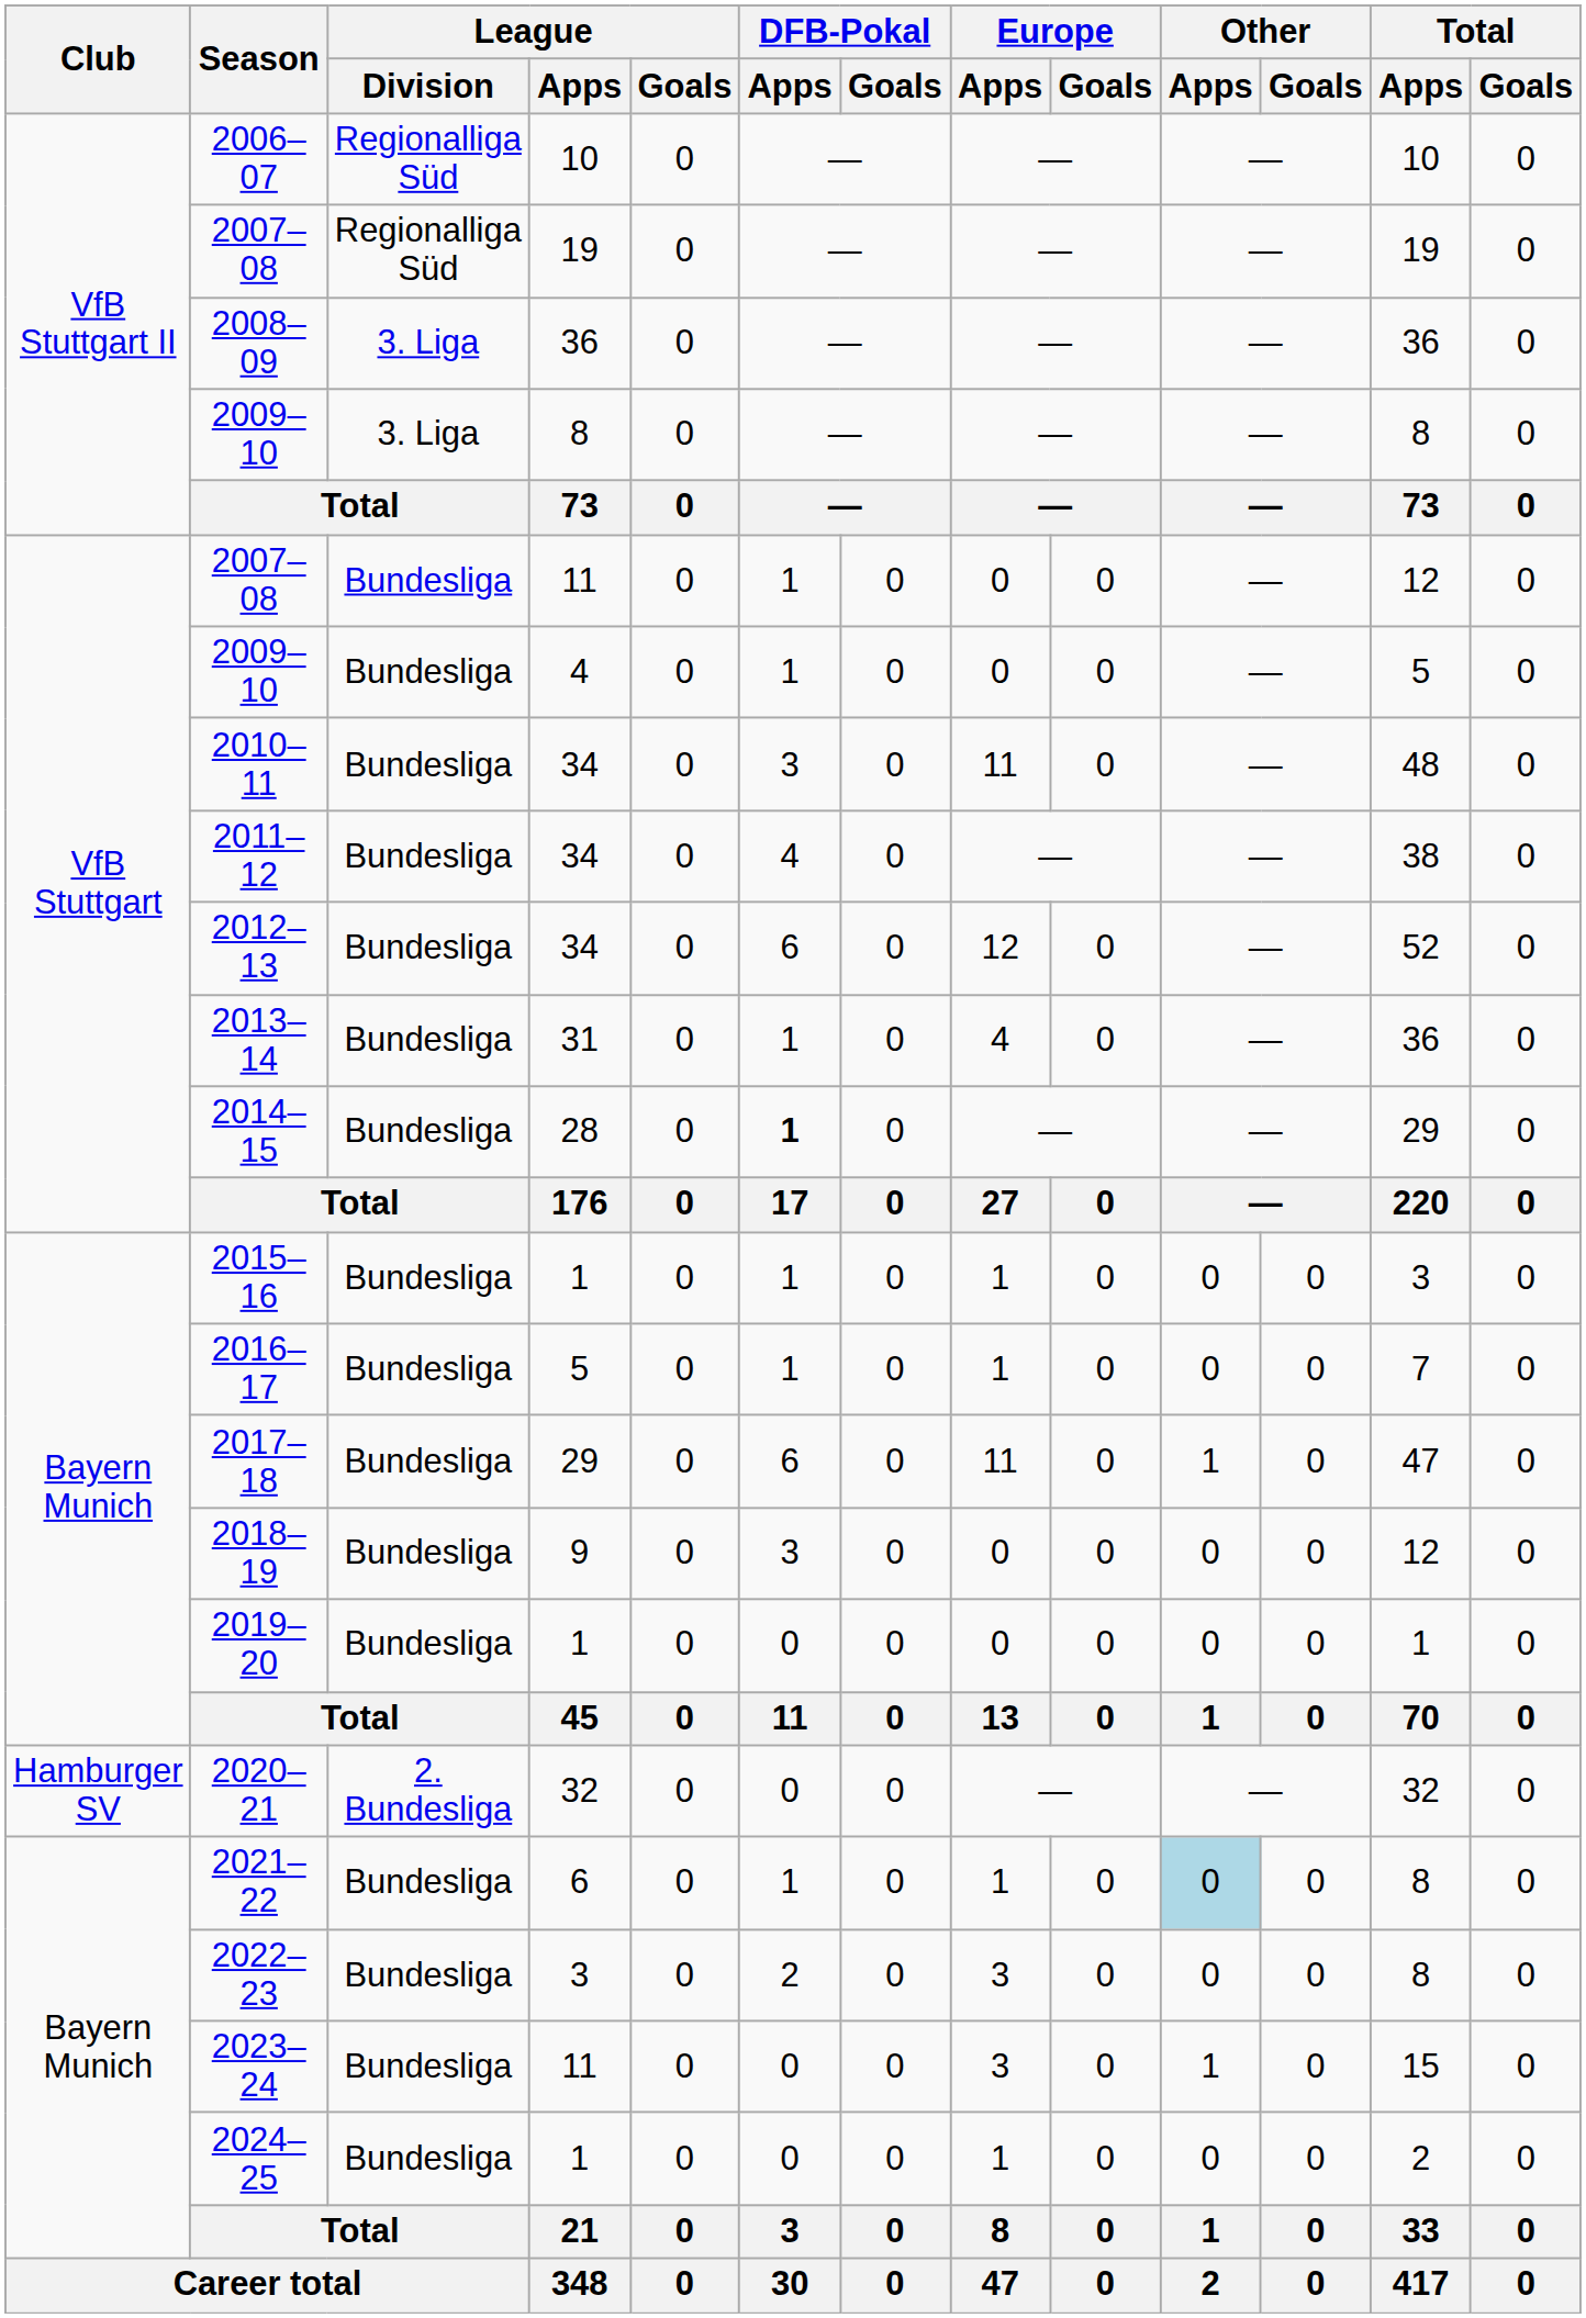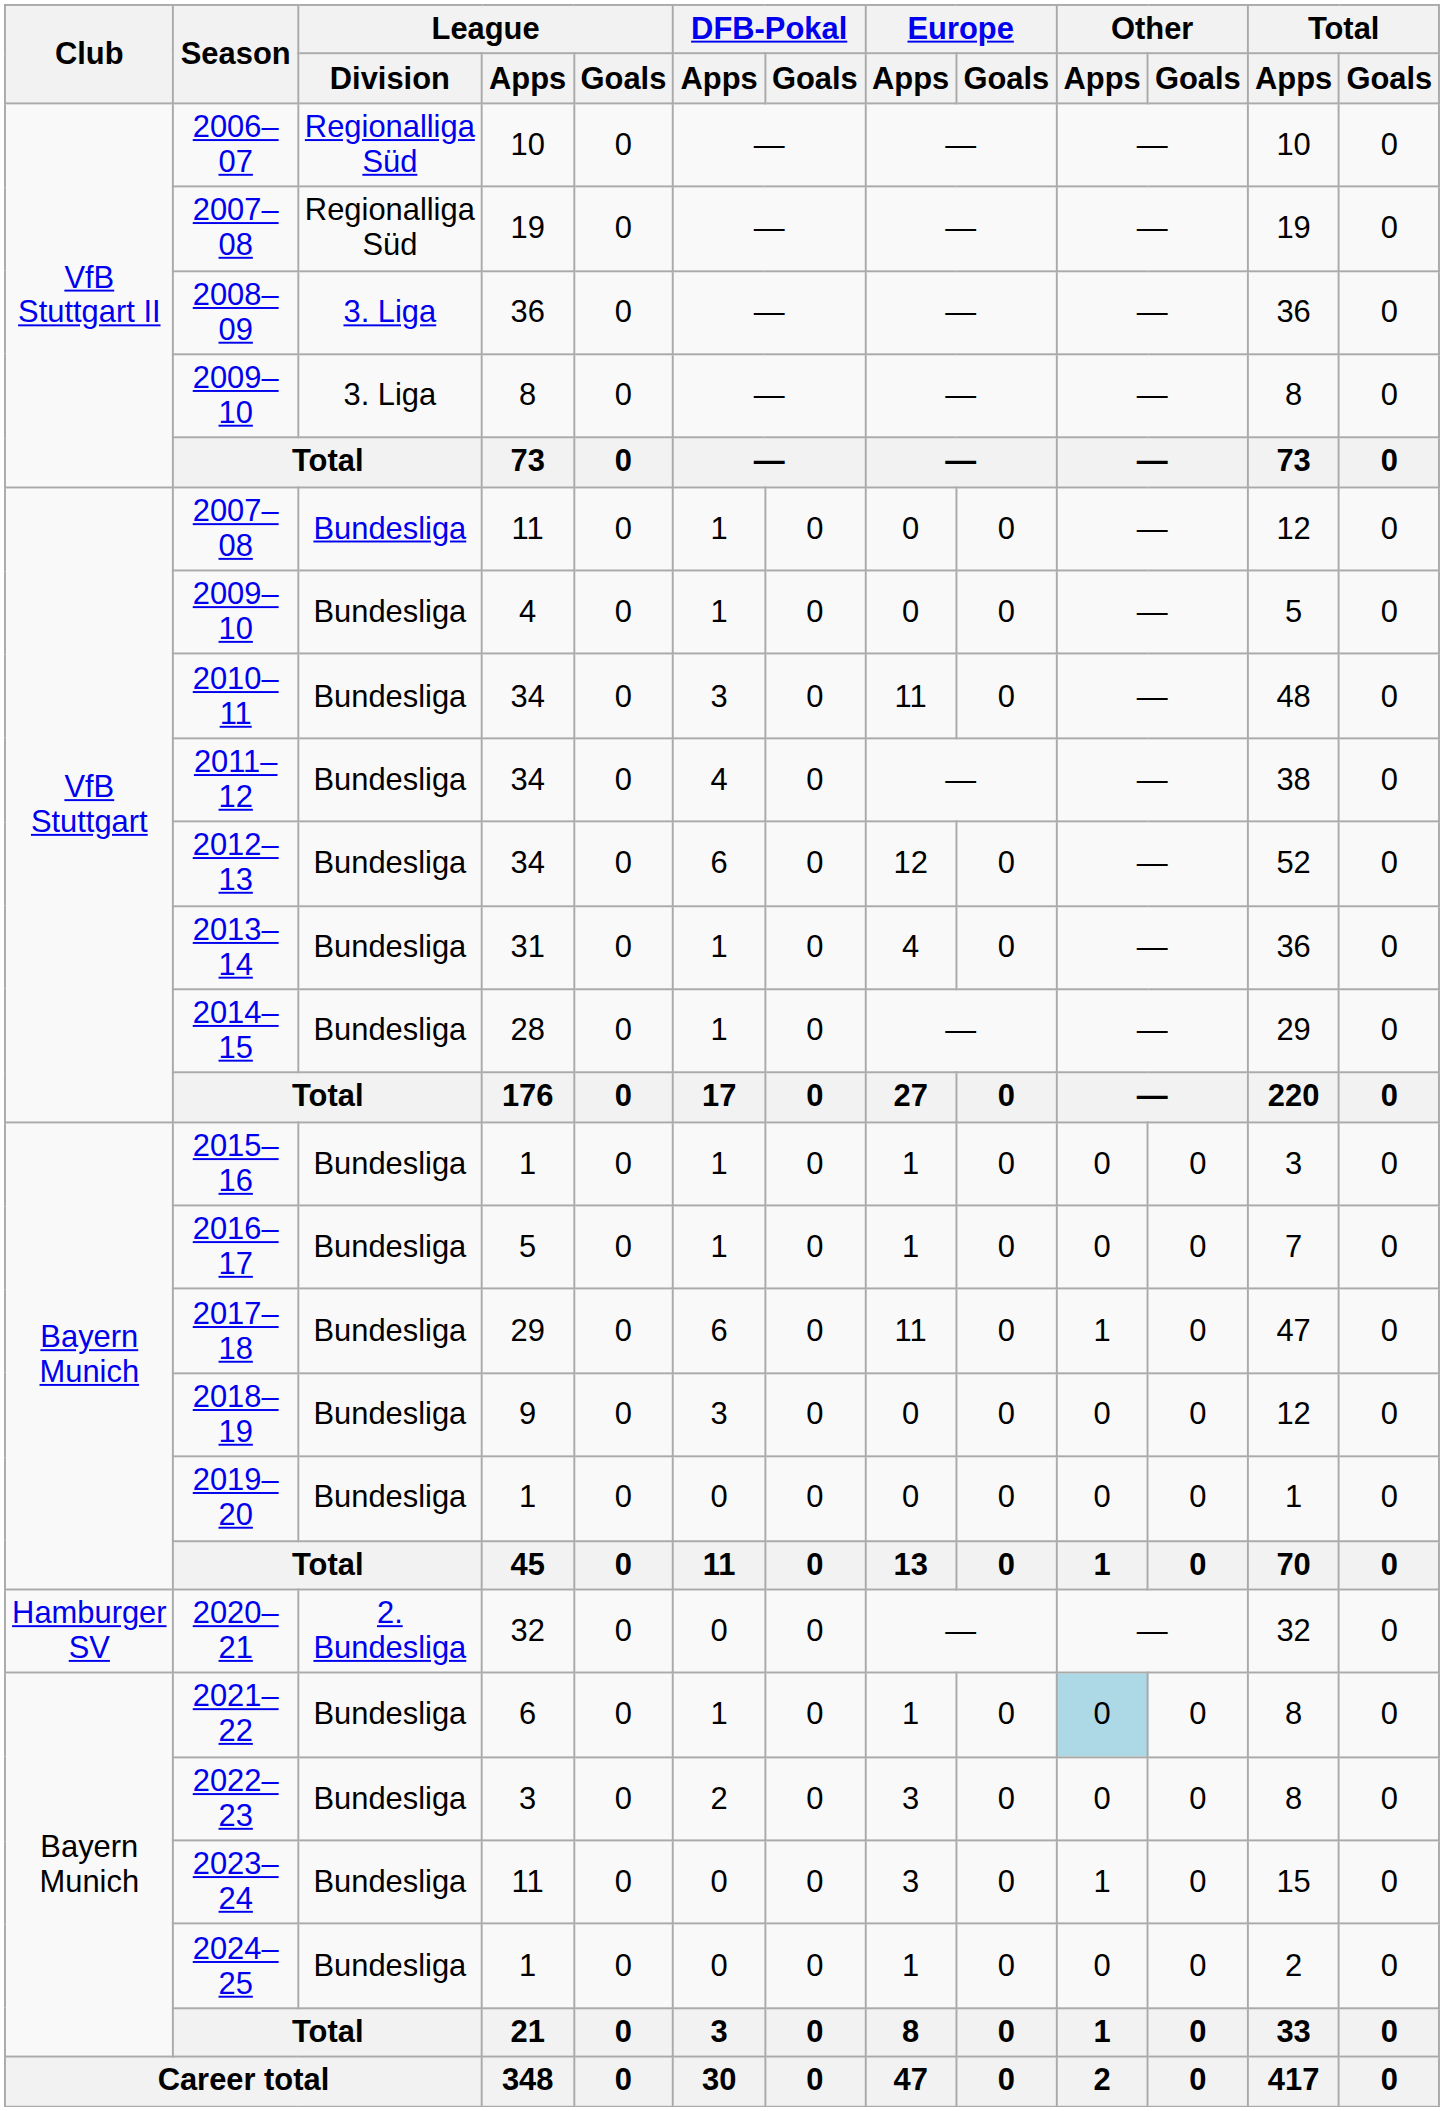 <table class="wikitable" Style="text-align: center">
 <tr>
 <th rowspan="2">Club</th>
 <th rowspan="2">Season</th>
 <th colspan="3">League</th>
 <th colspan="2"><a href='#'>DFB-Pokal</a></th>
 <th colspan="2"><a href='#'>Europe</a></th>
 <th colspan="2">Other</th>
 <th colspan="2">Total</th>
 </tr>
 <tr>
 <th>Division</th>
 <th>Apps</th>
 <th>Goals</th>
 <th>Apps</th>
 <th>Goals</th>
 <th>Apps</th>
 <th>Goals</th>
 <th>Apps</th>
 <th>Goals</th>
 <th>Apps</th>
 <th>Goals</th>
 </tr>
 <tr>
 <td rowspan="5"><a href='#'>VfB Stuttgart II</a></td>
 <td><a href='#'>2006–07</a></td>
 <td><a href='#'>Regionalliga Süd</a></td>
 <td>10</td>
 <td>0</td>
 <td colspan="2">—</td>
 <td colspan="2">—</td>
 <td colspan="2">—</td>
 <td>10</td>
 <td>0</td>
 </tr>
 <tr>
 <td><a href='#'>2007–08</a></td>
 <td>Regionalliga Süd</td>
 <td>19</td>
 <td>0</td>
 <td colspan="2">—</td>
 <td colspan="2">—</td>
 <td colspan="2">—</td>
 <td>19</td>
 <td>0</td>
 </tr>
 <tr>
 <td><a href='#'>2008–09</a></td>
 <td><a href='#'>3. Liga</a></td>
 <td>36</td>
 <td>0</td>
 <td colspan="2">—</td>
 <td colspan="2">—</td>
 <td colspan="2">—</td>
 <td>36</td>
 <td>0</td>
 </tr>
 <tr>
 <td><a href='#'>2009–10</a></td>
 <td>3. Liga</td>
 <td>8</td>
 <td>0</td>
 <td colspan="2">—</td>
 <td colspan="2">—</td>
 <td colspan="2">—</td>
 <td>8</td>
 <td>0</td>
 </tr>
 <tr>
 <th colspan="2">Total</th>
 <th>73</th>
 <th>0</th>
 <th colspan="2">—</th>
 <th colspan="2">—</th>
 <th colspan="2">—</th>
 <th>73</th>
 <th>0</th>
 </tr>
 <tr>
 <td rowspan="8"><a href='#'>VfB Stuttgart</a></td>
 <td><a href='#'>2007–08</a></td>
 <td><a href='#'>Bundesliga</a></td>
 <td>11</td>
 <td>0</td>
 <td>1</td>
 <td>0</td>
 <td>0</td>
 <td>0</td>
 <td colspan="2">—</td>
 <td>12</td>
 <td>0</td>
 </tr>
 <tr>
 <td><a href='#'>2009–10</a></td>
 <td>Bundesliga</td>
 <td>4</td>
 <td>0</td>
 <td>1</td>
 <td>0</td>
 <td>0</td>
 <td>0</td>
 <td colspan="2">—</td>
 <td>5</td>
 <td>0</td>
 </tr>
 <tr>
 <td><a href='#'>2010–11</a></td>
 <td>Bundesliga</td>
 <td>34</td>
 <td>0</td>
 <td>3</td>
 <td>0</td>
 <td>11</td>
 <td>0</td>
 <td colspan="2">—</td>
 <td>48</td>
 <td>0</td>
 </tr>
 <tr>
 <td><a href='#'>2011–12</a></td>
 <td>Bundesliga</td>
 <td>34</td>
 <td>0</td>
 <td>4</td>
 <td>0</td>
 <td colspan="2">—</td>
 <td colspan="2">—</td>
 <td>38</td>
 <td>0</td>
 </tr>
 <tr>
 <td><a href='#'>2012–13</a></td>
 <td>Bundesliga</td>
 <td>34</td>
 <td>0</td>
 <td>6</td>
 <td>0</td>
 <td>12</td>
 <td>0</td>
 <td colspan="2">—</td>
 <td>52</td>
 <td>0</td>
 </tr>
 <tr>
 <td><a href='#'>2013–14</a></td>
 <td>Bundesliga</td>
 <td>31</td>
 <td>0</td>
 <td>1</td>
 <td>0</td>
 <td>4</td>
 <td>0</td>
 <td colspan="2">—</td>
 <td>36</td>
 <td>0</td>
 </tr>
 <tr>
 <td><a href='#'>2014–15</a></td>
 <td>Bundesliga</td>
 <td>28</td>
 <td>0</td>
-<td><strong>1</strong></td>
+<td>1</td>
 <td>0</td>
 <td colspan="2">—</td>
 <td colspan="2">—</td>
 <td>29</td>
 <td>0</td>
 </tr>
 <tr>
 <th colspan="2">Total</th>
 <th>176</th>
 <th>0</th>
 <th>17</th>
 <th>0</th>
 <th>27</th>
 <th>0</th>
 <th colspan="2">—</th>
 <th>220</th>
 <th>0</th>
 </tr>
 <tr>
 <td rowspan="6"><a href='#'>Bayern Munich</a></td>
 <td><a href='#'>2015–16</a></td>
 <td>Bundesliga</td>
 <td>1</td>
 <td>0</td>
 <td>1</td>
 <td>0</td>
 <td>1</td>
 <td>0</td>
 <td>0</td>
 <td>0</td>
 <td>3</td>
 <td>0</td>
 </tr>
 <tr>
 <td><a href='#'>2016–17</a></td>
 <td>Bundesliga</td>
 <td>5</td>
 <td>0</td>
 <td>1</td>
 <td>0</td>
 <td>1</td>
 <td>0</td>
 <td>0</td>
 <td>0</td>
 <td>7</td>
 <td>0</td>
 </tr>
 <tr>
 <td><a href='#'>2017–18</a></td>
 <td>Bundesliga</td>
 <td>29</td>
 <td>0</td>
 <td>6</td>
 <td>0</td>
 <td>11</td>
 <td>0</td>
 <td>1</td>
 <td>0</td>
 <td>47</td>
 <td>0</td>
 </tr>
 <tr>
 <td><a href='#'>2018–19</a></td>
 <td>Bundesliga</td>
 <td>9</td>
 <td>0</td>
 <td>3</td>
 <td>0</td>
 <td>0</td>
 <td>0</td>
 <td>0</td>
 <td>0</td>
 <td>12</td>
 <td>0</td>
 </tr>
 <tr>
 <td><a href='#'>2019–20</a></td>
 <td>Bundesliga</td>
 <td>1</td>
 <td>0</td>
 <td>0</td>
 <td>0</td>
 <td>0</td>
 <td>0</td>
 <td>0</td>
 <td>0</td>
 <td>1</td>
 <td>0</td>
 </tr>
 <tr>
 <th colspan="2">Total</th>
 <th>45</th>
 <th>0</th>
 <th>11</th>
 <th>0</th>
 <th>13</th>
 <th>0</th>
 <th>1</th>
 <th>0</th>
 <th>70</th>
 <th>0</th>
 </tr>
 <tr>
 <td><a href='#'>Hamburger SV</a></td>
 <td><a href='#'>2020–21</a></td>
 <td><a href='#'>2. Bundesliga</a></td>
 <td>32</td>
 <td>0</td>
 <td>0</td>
 <td>0</td>
 <td colspan="2">—</td>
 <td colspan="2">—</td>
 <td>32</td>
 <td>0</td>
 </tr>
 <tr>
 <td rowspan="5">Bayern Munich</td>
 <td><a href='#'>2021–22</a></td>
 <td>Bundesliga</td>
 <td>6</td>
 <td>0</td>
 <td>1</td>
 <td>0</td>
 <td>1</td>
 <td>0</td>
 <td style="background: lightblue;">0</td>
 <td>0</td>
 <td>8</td>
 <td>0</td>
 </tr>
 <tr>
 <td><a href='#'>2022–23</a></td>
 <td>Bundesliga</td>
 <td>3</td>
 <td>0</td>
 <td>2</td>
 <td>0</td>
 <td>3</td>
 <td>0</td>
 <td>0</td>
 <td>0</td>
 <td>8</td>
 <td>0</td>
 </tr>
 <tr>
 <td><a href='#'>2023–24</a></td>
 <td>Bundesliga</td>
 <td>11</td>
 <td>0</td>
 <td>0</td>
 <td>0</td>
 <td>3</td>
 <td>0</td>
 <td>1</td>
 <td>0</td>
 <td>15</td>
 <td>0</td>
 </tr>
 <tr>
 <td><a href='#'>2024–25</a></td>
 <td>Bundesliga</td>
 <td>1</td>
 <td>0</td>
 <td>0</td>
 <td>0</td>
 <td>1</td>
 <td>0</td>
 <td>0</td>
 <td>0</td>
 <td>2</td>
 <td>0</td>
 </tr>
 <tr>
 <th colspan="2">Total</th>
 <th>21</th>
 <th>0</th>
 <th>3</th>
 <th>0</th>
 <th>8</th>
 <th>0</th>
 <th>1</th>
 <th>0</th>
 <th>33</th>
 <th>0</th>
 </tr>
 <tr>
 <th colspan="3">Career total</th>
 <th>348</th>
 <th>0</th>
 <th>30</th>
 <th>0</th>
 <th>47</th>
 <th>0</th>
 <th>2</th>
 <th>0</th>
 <th>417</th>
 <th>0</th>
 </tr>
 </table>
